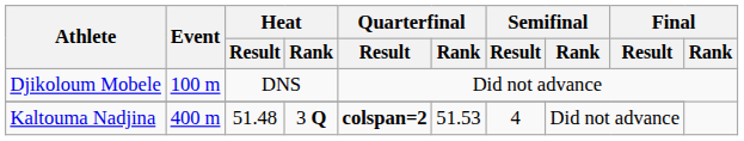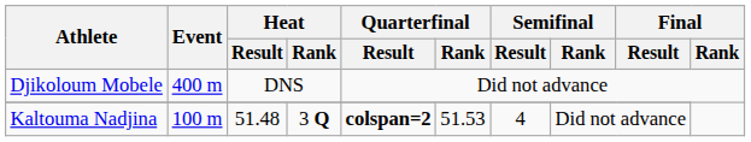 <table class=wikitable style="font-size:90%">
 <tr>
 <th rowspan="2">Athlete</th>
 <th rowspan="2">Event</th>
 <th colspan="2">Heat</th>
 <th colspan="2">Quarterfinal</th>
 <th colspan="2">Semifinal</th>
 <th colspan="2">Final</th>
 </tr>
 <tr style="font-size:95%">
 <th>Result</th>
 <th>Rank</th>
 <th>Result</th>
 <th>Rank</th>
 <th>Result</th>
 <th>Rank</th>
 <th>Result</th>
 <th>Rank</th>
 </tr>
 <tr align=center>
 <td align=left><a href='#'>Djikoloum Mobele</a></td>
-<td align=left><a href='#'>100 m</a></td>
+<td align=left><a href='#'>400 m</a></td>
 <td colspan=2>DNS</td>
 <td colspan=6>Did not advance</td>
 </tr>
 <tr>
 </tr>
 <tr align=center>
 <td align=left><a href='#'>Kaltouma Nadjina</a></td>
-<td align=left><a href='#'>400 m</a></td>
+<td align=left><a href='#'>100 m</a></td>
 <td>51.48</td>
 <td>3 <strong>Q</strong></td>
 <td><strong>colspan=2 </strong></td>
 <td>51.53</td>
 <td>4</td>
 <td colspan=2>Did not advance</td>
 </tr>
 </table>
